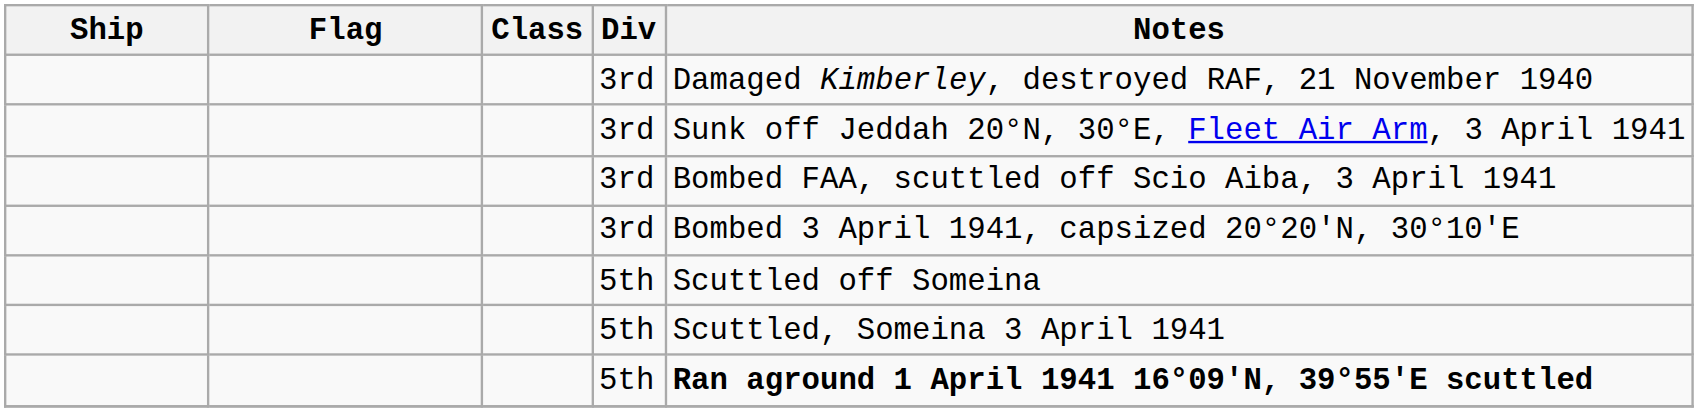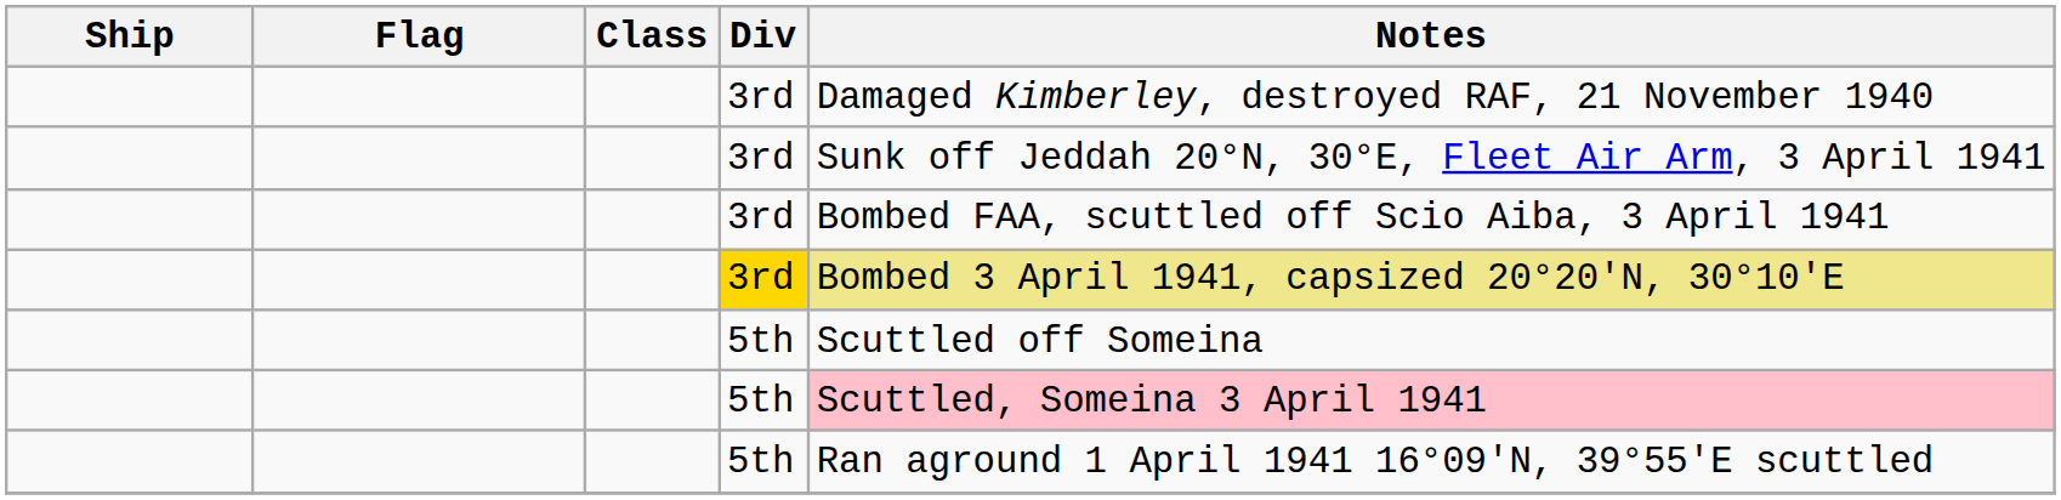 <table class="wikitable sortable">
 <tr>
 <th scope="col" width="80px">Ship</th>
 <th scope="col" width="110px">Flag</th>
 <th width="40px">Class</th>
 <th width="25px">Div</th>
 <th>Notes</th>
 </tr>
 <tr>
 <td align="left"></td>
 <td align="left"></td>
 <td align="left"></td>
 <td align="left">3rd</td>
 <td align="left">Damaged <em>Kimberley</em>, destroyed RAF, 21 November 1940</td>
 </tr>
 <tr>
 <td align="left"></td>
 <td align="left"></td>
 <td align="left"></td>
 <td align="left">3rd</td>
 <td align="left">Sunk off Jeddah 20°N, 30°E, <a href='#'>Fleet Air Arm</a>, 3 April 1941</td>
 </tr>
 <tr>
 <td align="left"></td>
 <td align="left"></td>
 <td align="left"></td>
 <td align="left">3rd</td>
 <td align="left">Bombed FAA, scuttled off Scio Aiba, 3 April 1941</td>
 </tr>
 <tr>
 <td align="left"></td>
 <td align="left"></td>
 <td align="left"></td>
-<td align="left">3rd</td>
-<td align="left">Bombed  3 April 1941, capsized 20°20'N, 30°10'E</td>
+<td align="left" style="background: gold;">3rd</td>
+<td align="left" style="background: khaki;">Bombed  3 April 1941, capsized 20°20'N, 30°10'E</td>
 </tr>
 <tr>
 <td align="left"></td>
 <td align="left"></td>
 <td align="left"></td>
 <td align="left">5th</td>
 <td align="left">Scuttled off Someina</td>
 </tr>
 <tr>
 <td align="left"></td>
 <td align="left"></td>
 <td align="left"></td>
 <td align="left">5th</td>
-<td align="left">Scuttled, Someina 3 April 1941</td>
+<td align="left" style="background: pink;">Scuttled, Someina 3 April 1941</td>
 </tr>
 <tr>
 <td align="left"></td>
 <td align="left"></td>
 <td align="left"></td>
 <td align="left">5th</td>
-<td align="left"><strong>Ran aground 1 April 1941 16°09'N, 39°55'E scuttled</strong></td>
+<td align="left">Ran aground 1 April 1941 16°09'N, 39°55'E scuttled</td>
 </tr>
 <tr>
 </tr>
 </table>
